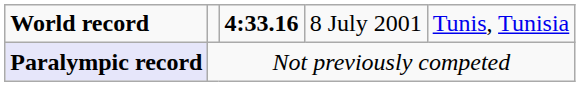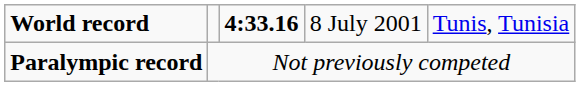 <table class="wikitable">
 <tr>
 <td><strong>World record</strong></td>
 <td></td>
 <td><strong>4:33.16</strong></td>
 <td>8 July 2001</td>
 <td><a href='#'>Tunis</a>, <a href='#'>Tunisia</a></td>
 </tr>
 <tr>
-<td style="background: lavender;"><strong>Paralympic record</strong></td>
+<td><strong>Paralympic record</strong></td>
 <td colspan="4" style="text-align:center"><em>Not previously competed</em></td>
 </tr>
 </table>
